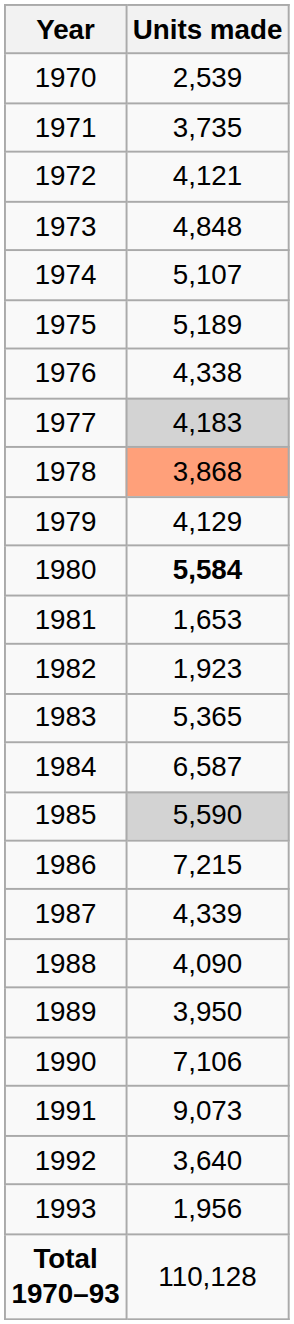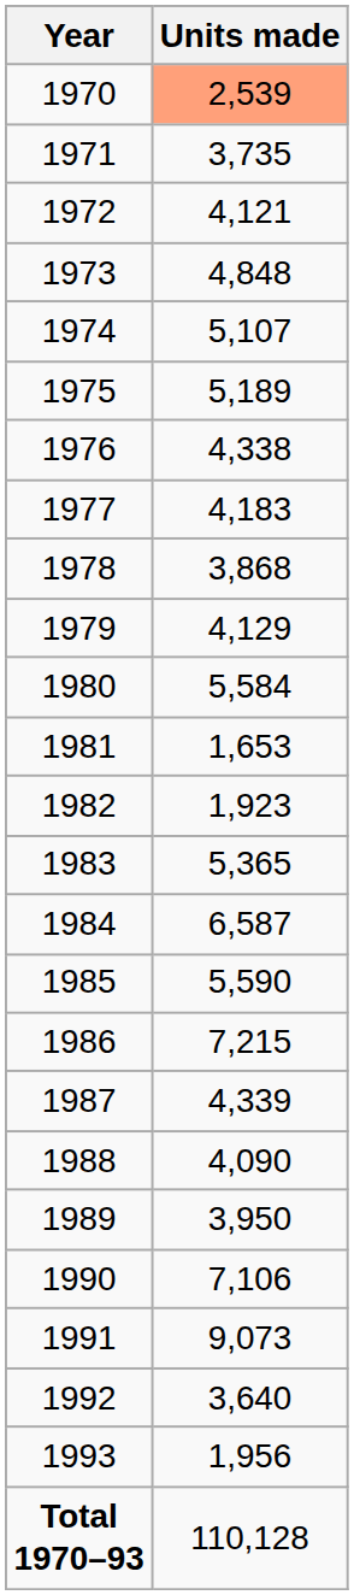 <table class="wikitable" style="text-align:center; font-size:90%; line-height:1.3em;">
 <tr>
 <th style="text-align:center; vertical-align:middle;">Year</th>
 <th style="text-align:center; vertical-align:middle;">Units made</th>
 </tr>
 <tr>
 <td>1970</td>
-<td>2,539</td>
+<td style="background: lightsalmon;">2,539</td>
 </tr>
 <tr>
 <td>1971</td>
 <td>3,735</td>
 </tr>
 <tr>
 <td>1972</td>
 <td>4,121</td>
 </tr>
 <tr>
 <td>1973</td>
 <td>4,848</td>
 </tr>
 <tr>
 <td>1974</td>
 <td>5,107</td>
 </tr>
 <tr>
 <td>1975</td>
 <td>5,189</td>
 </tr>
 <tr>
 <td>1976</td>
 <td>4,338</td>
 </tr>
 <tr>
 <td>1977</td>
-<td style="background: lightgrey;">4,183</td>
+<td>4,183</td>
 </tr>
 <tr>
 <td>1978</td>
-<td style="background: lightsalmon;">3,868</td>
+<td>3,868</td>
 </tr>
 <tr>
 <td>1979</td>
 <td>4,129</td>
 </tr>
 <tr>
 <td>1980</td>
-<td><strong>5,584</strong></td>
+<td>5,584</td>
 </tr>
 <tr>
 <td>1981</td>
 <td>1,653</td>
 </tr>
 <tr>
 <td>1982</td>
 <td>1,923</td>
 </tr>
 <tr>
 <td>1983</td>
 <td>5,365</td>
 </tr>
 <tr>
 <td>1984</td>
 <td>6,587</td>
 </tr>
 <tr>
 <td>1985</td>
-<td style="background: lightgrey;">5,590</td>
+<td>5,590</td>
 </tr>
 <tr>
 <td>1986</td>
 <td>7,215</td>
 </tr>
 <tr>
 <td>1987</td>
 <td>4,339</td>
 </tr>
 <tr>
 <td>1988</td>
 <td>4,090</td>
 </tr>
 <tr>
 <td>1989</td>
 <td>3,950</td>
 </tr>
 <tr>
 <td>1990</td>
 <td>7,106</td>
 </tr>
 <tr>
 <td>1991</td>
 <td>9,073</td>
 </tr>
 <tr>
 <td>1992</td>
 <td>3,640</td>
 </tr>
 <tr>
 <td>1993</td>
 <td>1,956</td>
 </tr>
 <tr>
 <td><strong>Total<br>1970–93</strong></td>
 <td>110,128</td>
 </tr>
 </table>
